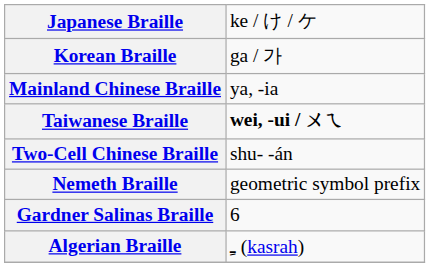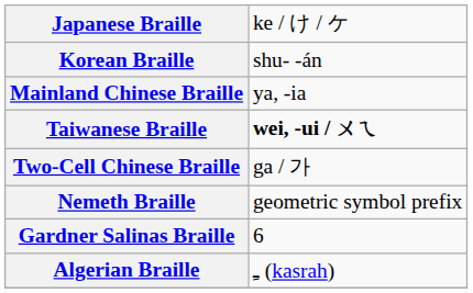 <table class="wikitable">
 <tr>
 <th align=left><a href='#'>Japanese Braille</a></th>
 <td>ke / け / ケ </td>
 </tr>
 <tr>
 <th align=left><a href='#'>Korean Braille</a></th>
-<td>ga / 가 </td>
+<td>shu- -án</td>
 </tr>
 <tr>
 <th align=left><a href='#'>Mainland Chinese Braille</a></th>
 <td>ya, -ia </td>
 </tr>
 <tr>
 <th align=left><a href='#'>Taiwanese Braille</a></th>
 <td><strong>wei, -ui / ㄨㄟ</strong></td>
 </tr>
 <tr>
 <th align=left><a href='#'>Two-Cell Chinese Braille</a></th>
-<td>shu- -án</td>
+<td>ga / 가 </td>
 </tr>
 <tr>
 <th align=left><a href='#'>Nemeth Braille</a></th>
 <td>geometric symbol prefix </td>
 </tr>
 <tr>
 <th align=left><a href='#'>Gardner Salinas Braille</a></th>
 <td>6 </td>
 </tr>
 <tr>
 <th align=left><a href='#'>Algerian Braille</a></th>
 <td>ـِ (<a href='#'>kasrah</a>) ‎</td>
 </tr>
 <tr>
 </tr>
 </table>
